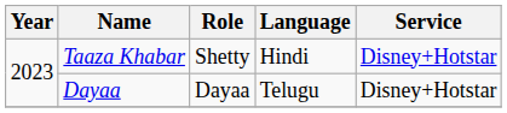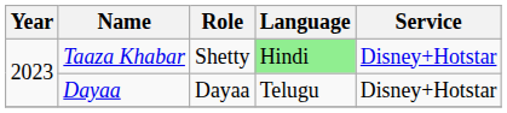 <table class="wikitable sortable">
 <tr>
 <th>Year</th>
 <th>Name</th>
 <th>Role</th>
 <th>Language</th>
 <th>Service</th>
 </tr>
 <tr>
 <td rowspan="2">2023</td>
 <td><em><a href='#'>Taaza Khabar</a></em></td>
 <td>Shetty</td>
-<td>Hindi</td>
+<td style="background: lightgreen;">Hindi</td>
 <td><a href='#'>Disney+Hotstar</a></td>
 </tr>
 <tr>
 <td><em><a href='#'>Dayaa</a></em></td>
 <td>Dayaa</td>
 <td>Telugu</td>
 <td>Disney+Hotstar</td>
 </tr>
 <tr>
 </tr>
 </table>
